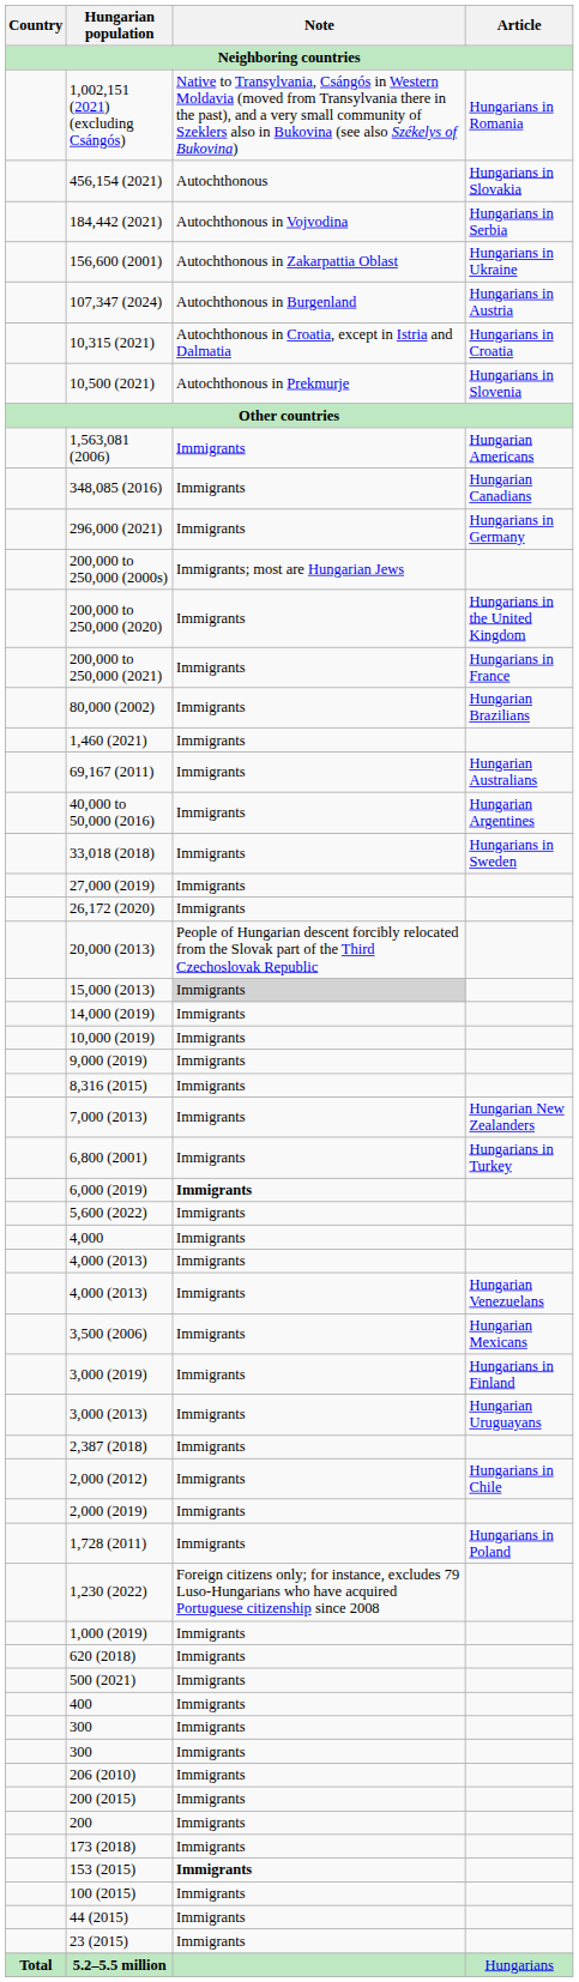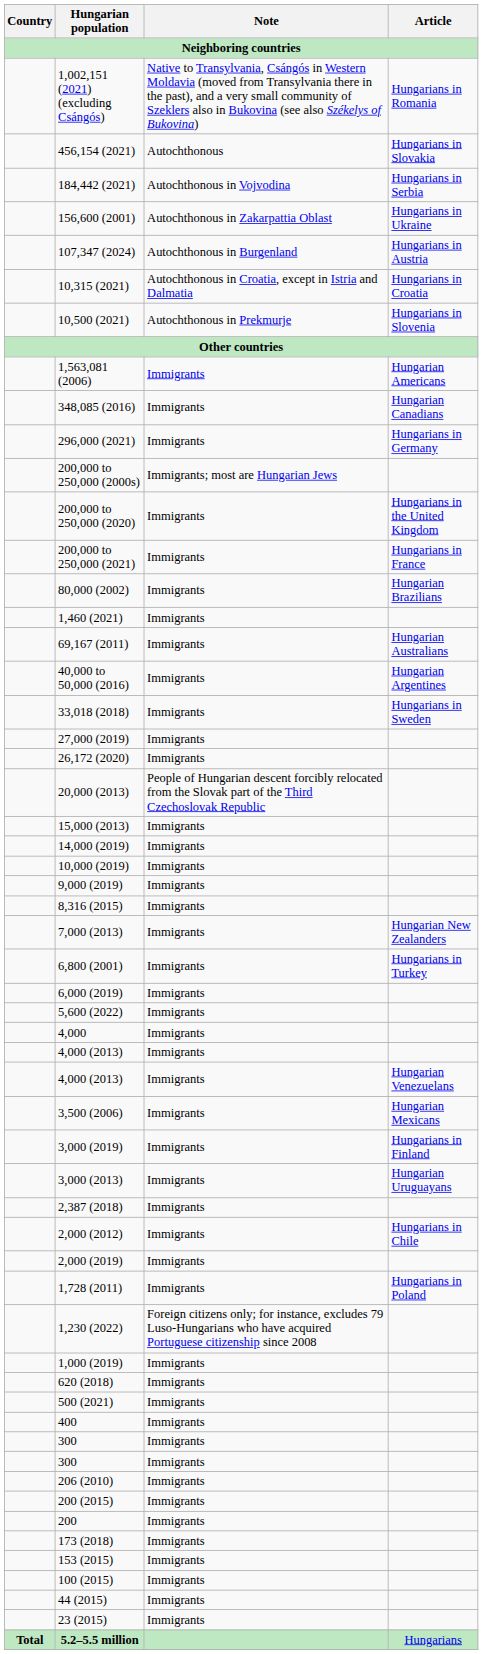 <table class="wikitable">
 <tr>
 <th>Country</th>
 <th>Hungarian population</th>
 <th>Note</th>
 <th>Article</th>
 </tr>
 <tr>
 <td bgcolor=#BEE8C2 colspan=4 align=center><strong>Neighboring countries</strong></td>
 </tr>
 <tr>
 <td></td>
 <td>1,002,151 (<a href='#'>2021</a>) (excluding <a href='#'>Csángós</a>)</td>
 <td><a href='#'>Native</a> to <a href='#'>Transylvania</a>, <a href='#'>Csángós</a> in <a href='#'>Western Moldavia</a> (moved from Transylvania there in the past), and a very small community of <a href='#'>Szeklers</a> also in <a href='#'>Bukovina</a> (see also <em><a href='#'>Székelys of Bukovina</a></em>)</td>
 <td><a href='#'>Hungarians in Romania</a></td>
 </tr>
 <tr>
 <td></td>
 <td>456,154 (2021)</td>
 <td>Autochthonous</td>
 <td><a href='#'>Hungarians in Slovakia</a></td>
 </tr>
 <tr>
 <td></td>
 <td>184,442 (2021)</td>
 <td>Autochthonous in <a href='#'>Vojvodina</a></td>
 <td><a href='#'>Hungarians in Serbia</a></td>
 </tr>
 <tr>
 <td></td>
 <td>156,600 (2001)</td>
 <td>Autochthonous in <a href='#'>Zakarpattia Oblast</a></td>
 <td><a href='#'>Hungarians in Ukraine</a></td>
 </tr>
 <tr>
 <td></td>
 <td>107,347 (2024)</td>
 <td>Autochthonous in <a href='#'>Burgenland</a></td>
 <td><a href='#'>Hungarians in Austria</a></td>
 </tr>
 <tr>
 <td></td>
 <td>10,315 (2021)</td>
 <td>Autochthonous in <a href='#'>Croatia</a>, except in <a href='#'>Istria</a> and <a href='#'>Dalmatia</a></td>
 <td><a href='#'>Hungarians in Croatia</a></td>
 </tr>
 <tr>
 <td></td>
 <td>10,500 (2021)</td>
 <td>Autochthonous in <a href='#'>Prekmurje</a></td>
 <td><a href='#'>Hungarians in Slovenia</a></td>
 </tr>
 <tr>
 <td bgcolor=#BEE8C2 colspan=4 align=center><strong>Other countries</strong></td>
 </tr>
 <tr>
 <td></td>
 <td>1,563,081 (2006)</td>
 <td><a href='#'>Immigrants</a></td>
 <td><a href='#'>Hungarian Americans</a></td>
 </tr>
 <tr>
 <td></td>
 <td>348,085 (2016)</td>
 <td>Immigrants</td>
 <td><a href='#'>Hungarian Canadians</a></td>
 </tr>
 <tr>
 <td></td>
 <td>296,000 (2021)</td>
 <td>Immigrants</td>
 <td><a href='#'>Hungarians in Germany</a></td>
 </tr>
 <tr>
 <td></td>
 <td>200,000 to 250,000 (2000s)</td>
 <td>Immigrants; most are <a href='#'>Hungarian Jews</a></td>
 <td></td>
 </tr>
 <tr>
 <td></td>
 <td>200,000 to 250,000 (2020)</td>
 <td>Immigrants</td>
 <td><a href='#'>Hungarians in the United Kingdom</a></td>
 </tr>
 <tr>
 <td></td>
 <td>200,000 to 250,000 (2021)</td>
 <td>Immigrants</td>
 <td><a href='#'>Hungarians in France</a></td>
 </tr>
 <tr>
 <td></td>
 <td>80,000 (2002)</td>
 <td>Immigrants</td>
 <td><a href='#'>Hungarian Brazilians</a></td>
 </tr>
 <tr>
 <td></td>
 <td>1,460 (2021)</td>
 <td>Immigrants</td>
 <td></td>
 </tr>
 <tr>
 <td></td>
 <td>69,167 (2011)</td>
 <td>Immigrants</td>
 <td><a href='#'>Hungarian Australians</a></td>
 </tr>
 <tr>
 <td></td>
 <td>40,000 to 50,000 (2016)</td>
 <td>Immigrants</td>
 <td><a href='#'>Hungarian Argentines</a></td>
 </tr>
 <tr>
 <td></td>
 <td>33,018 (2018)</td>
 <td>Immigrants</td>
 <td><a href='#'>Hungarians in Sweden</a></td>
 </tr>
 <tr>
 <td></td>
 <td>27,000 (2019)</td>
 <td>Immigrants</td>
 <td></td>
 </tr>
 <tr>
 <td></td>
 <td>26,172 (2020)</td>
 <td>Immigrants</td>
 <td></td>
 </tr>
 <tr>
 <td></td>
 <td>20,000 (2013)</td>
 <td>People of Hungarian descent forcibly relocated from the Slovak part of the <a href='#'>Third Czechoslovak Republic</a></td>
 <td></td>
 </tr>
 <tr>
 <td></td>
 <td>15,000 (2013)</td>
-<td style="background: lightgrey;">Immigrants</td>
+<td>Immigrants</td>
 <td></td>
 </tr>
 <tr>
 <td></td>
 <td>14,000 (2019)</td>
 <td>Immigrants</td>
 <td></td>
 </tr>
 <tr>
 <td></td>
 <td>10,000 (2019)</td>
 <td>Immigrants</td>
 <td></td>
 </tr>
 <tr>
 <td></td>
 <td>9,000 (2019)</td>
 <td>Immigrants</td>
 <td></td>
 </tr>
 <tr>
 <td></td>
 <td>8,316 (2015)</td>
 <td>Immigrants</td>
 <td></td>
 </tr>
 <tr>
 <td></td>
 <td>7,000 (2013)</td>
 <td>Immigrants</td>
 <td><a href='#'>Hungarian New Zealanders</a></td>
 </tr>
 <tr>
 <td></td>
 <td>6,800 (2001)</td>
 <td>Immigrants</td>
 <td><a href='#'>Hungarians in Turkey</a></td>
 </tr>
 <tr>
 <td></td>
 <td>6,000 (2019)</td>
-<td><strong>Immigrants</strong></td>
+<td>Immigrants</td>
 <td></td>
 </tr>
 <tr>
 <td></td>
 <td>5,600 (2022)</td>
 <td>Immigrants</td>
 <td></td>
 </tr>
 <tr>
 <td></td>
 <td>4,000</td>
 <td>Immigrants</td>
 <td></td>
 </tr>
 <tr>
 <td></td>
 <td>4,000 (2013)</td>
 <td>Immigrants</td>
 <td></td>
 </tr>
 <tr>
 <td></td>
 <td>4,000 (2013)</td>
 <td>Immigrants</td>
 <td><a href='#'>Hungarian Venezuelans</a></td>
 </tr>
 <tr>
 <td></td>
 <td>3,500 (2006)</td>
 <td>Immigrants</td>
 <td><a href='#'>Hungarian Mexicans</a></td>
 </tr>
 <tr>
 <td></td>
 <td>3,000 (2019)</td>
 <td>Immigrants</td>
 <td><a href='#'>Hungarians in Finland</a></td>
 </tr>
 <tr>
 <td></td>
 <td>3,000 (2013)</td>
 <td>Immigrants</td>
 <td><a href='#'>Hungarian Uruguayans</a></td>
 </tr>
 <tr>
 <td></td>
 <td>2,387 (2018)</td>
 <td>Immigrants</td>
 <td></td>
 </tr>
 <tr>
 <td></td>
 <td>2,000 (2012)</td>
 <td>Immigrants</td>
 <td><a href='#'>Hungarians in Chile</a></td>
 </tr>
 <tr>
 <td></td>
 <td>2,000 (2019)</td>
 <td>Immigrants</td>
 <td></td>
 </tr>
 <tr>
 <td></td>
 <td>1,728 (2011)</td>
 <td>Immigrants</td>
 <td><a href='#'>Hungarians in Poland</a></td>
 </tr>
 <tr>
 <td></td>
 <td>1,230 (2022)</td>
 <td>Foreign citizens only; for instance, excludes 79 Luso-Hungarians who have acquired <a href='#'>Portuguese citizenship</a> since 2008</td>
 <td></td>
 </tr>
 <tr>
 <td></td>
 <td>1,000 (2019)</td>
 <td>Immigrants</td>
 <td></td>
 </tr>
 <tr>
 <td></td>
 <td>620 (2018)</td>
 <td>Immigrants</td>
 <td></td>
 </tr>
 <tr>
 <td></td>
 <td>500 (2021)</td>
 <td>Immigrants</td>
 <td></td>
 </tr>
 <tr>
 <td></td>
 <td>400</td>
 <td>Immigrants</td>
 <td></td>
 </tr>
 <tr>
 <td></td>
 <td>300</td>
 <td>Immigrants</td>
 <td></td>
 </tr>
 <tr>
 <td></td>
 <td>300</td>
 <td>Immigrants</td>
 <td></td>
 </tr>
 <tr>
 <td></td>
 <td>206 (2010)</td>
 <td>Immigrants</td>
 <td></td>
 </tr>
 <tr>
 <td></td>
 <td>200 (2015)</td>
 <td>Immigrants</td>
 <td></td>
 </tr>
 <tr>
 <td></td>
 <td>200</td>
 <td>Immigrants</td>
 <td></td>
 </tr>
 <tr>
 <td></td>
 <td>173 (2018)</td>
 <td>Immigrants</td>
 <td></td>
 </tr>
 <tr>
 <td></td>
 <td>153 (2015)</td>
-<td><strong>Immigrants</strong></td>
+<td>Immigrants</td>
 <td></td>
 </tr>
 <tr>
 <td></td>
 <td>100 (2015)</td>
 <td>Immigrants</td>
 <td></td>
 </tr>
 <tr>
 <td></td>
 <td>44 (2015)</td>
 <td>Immigrants</td>
 <td></td>
 </tr>
 <tr>
 <td></td>
 <td>23 (2015)</td>
 <td>Immigrants</td>
 <td></td>
 </tr>
 <tr>
 <td bgcolor=#BEE8C2 colspan=1 align=center><strong>Total</strong></td>
 <td bgcolor=#BEE8C2 colspan=1 align=center><strong>5.2–5.5 million</strong></td>
 <td bgcolor=#BEE8C2 colspan=1 align=center></td>
 <td bgcolor=#BEE8C2 colspan=1 align=center><a href='#'>Hungarians</a></td>
 </tr>
 </table>
